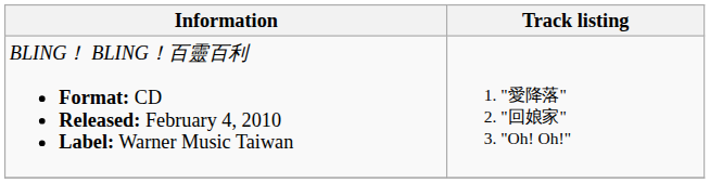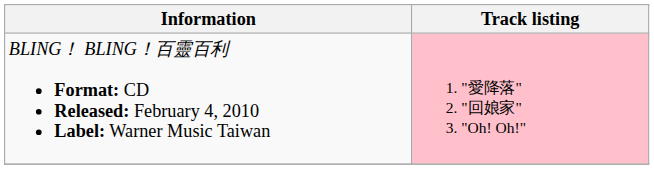 <table class="wikitable">
 <tr>
 <th align="left" width="350px">Information</th>
 <th align="left" width="200px">Track listing</th>
 </tr>
 <tr>
 <td align="left"><em>BLING！ BLING！百靈百利</em><br><ul><li><strong>Format:</strong> CD</li><li><strong>Released:</strong> February 4, 2010</li><li><strong>Label:</strong> Warner Music Taiwan</li></ul></td>
-<td align="left" style="font-size: 85%;"><br><ol><li>"愛降落"</li><li>"回娘家"</li><li>"Oh! Oh!"</li></ol></td>
+<td align="left" style="background: pink; font-size: 85%;"><br><ol><li>"愛降落"</li><li>"回娘家"</li><li>"Oh! Oh!"</li></ol></td>
 </tr>
 <tr>
 </tr>
 </table>
